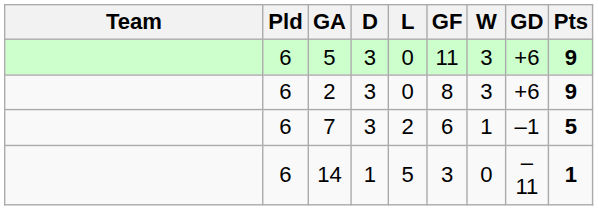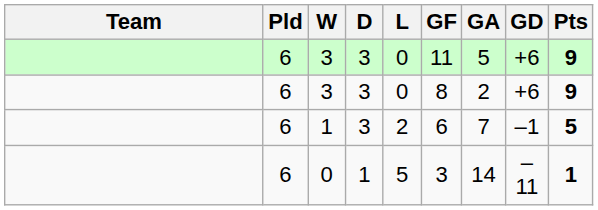 <table class="wikitable" style="text-align:center;">
 <tr>
 <th width=180>Team</th>
 <th width=20>Pld</th>
-<th width=20>GA</th>
+<th width=20>W</th>
 <th width=20>D</th>
 <th width=20>L</th>
 <th width=20>GF</th>
-<th width=20>W</th>
+<th width=20>GA</th>
 <th width=20>GD</th>
 <th width=20>Pts</th>
 </tr>
 <tr bgcolor="ccffcc">
 <td align="left"></td>
 <td>6</td>
-<td>5</td>
+<td>3</td>
 <td>3</td>
 <td>0</td>
 <td>11</td>
-<td>3</td>
+<td>5</td>
 <td>+6</td>
 <td><strong>9</strong></td>
 </tr>
 <tr>
 <td align="left"></td>
 <td>6</td>
-<td>2</td>
+<td>3</td>
 <td>3</td>
 <td>0</td>
 <td>8</td>
-<td>3</td>
+<td>2</td>
 <td>+6</td>
 <td><strong>9</strong></td>
 </tr>
 <tr>
 <td align="left"></td>
 <td>6</td>
-<td>7</td>
+<td>1</td>
 <td>3</td>
 <td>2</td>
 <td>6</td>
-<td>1</td>
+<td>7</td>
 <td>–1</td>
 <td><strong>5</strong></td>
 </tr>
 <tr>
 <td align="left"></td>
 <td>6</td>
-<td>14</td>
+<td>0</td>
 <td>1</td>
 <td>5</td>
 <td>3</td>
-<td>0</td>
+<td>14</td>
 <td>–11</td>
 <td><strong>1</strong></td>
 </tr>
 </table>
